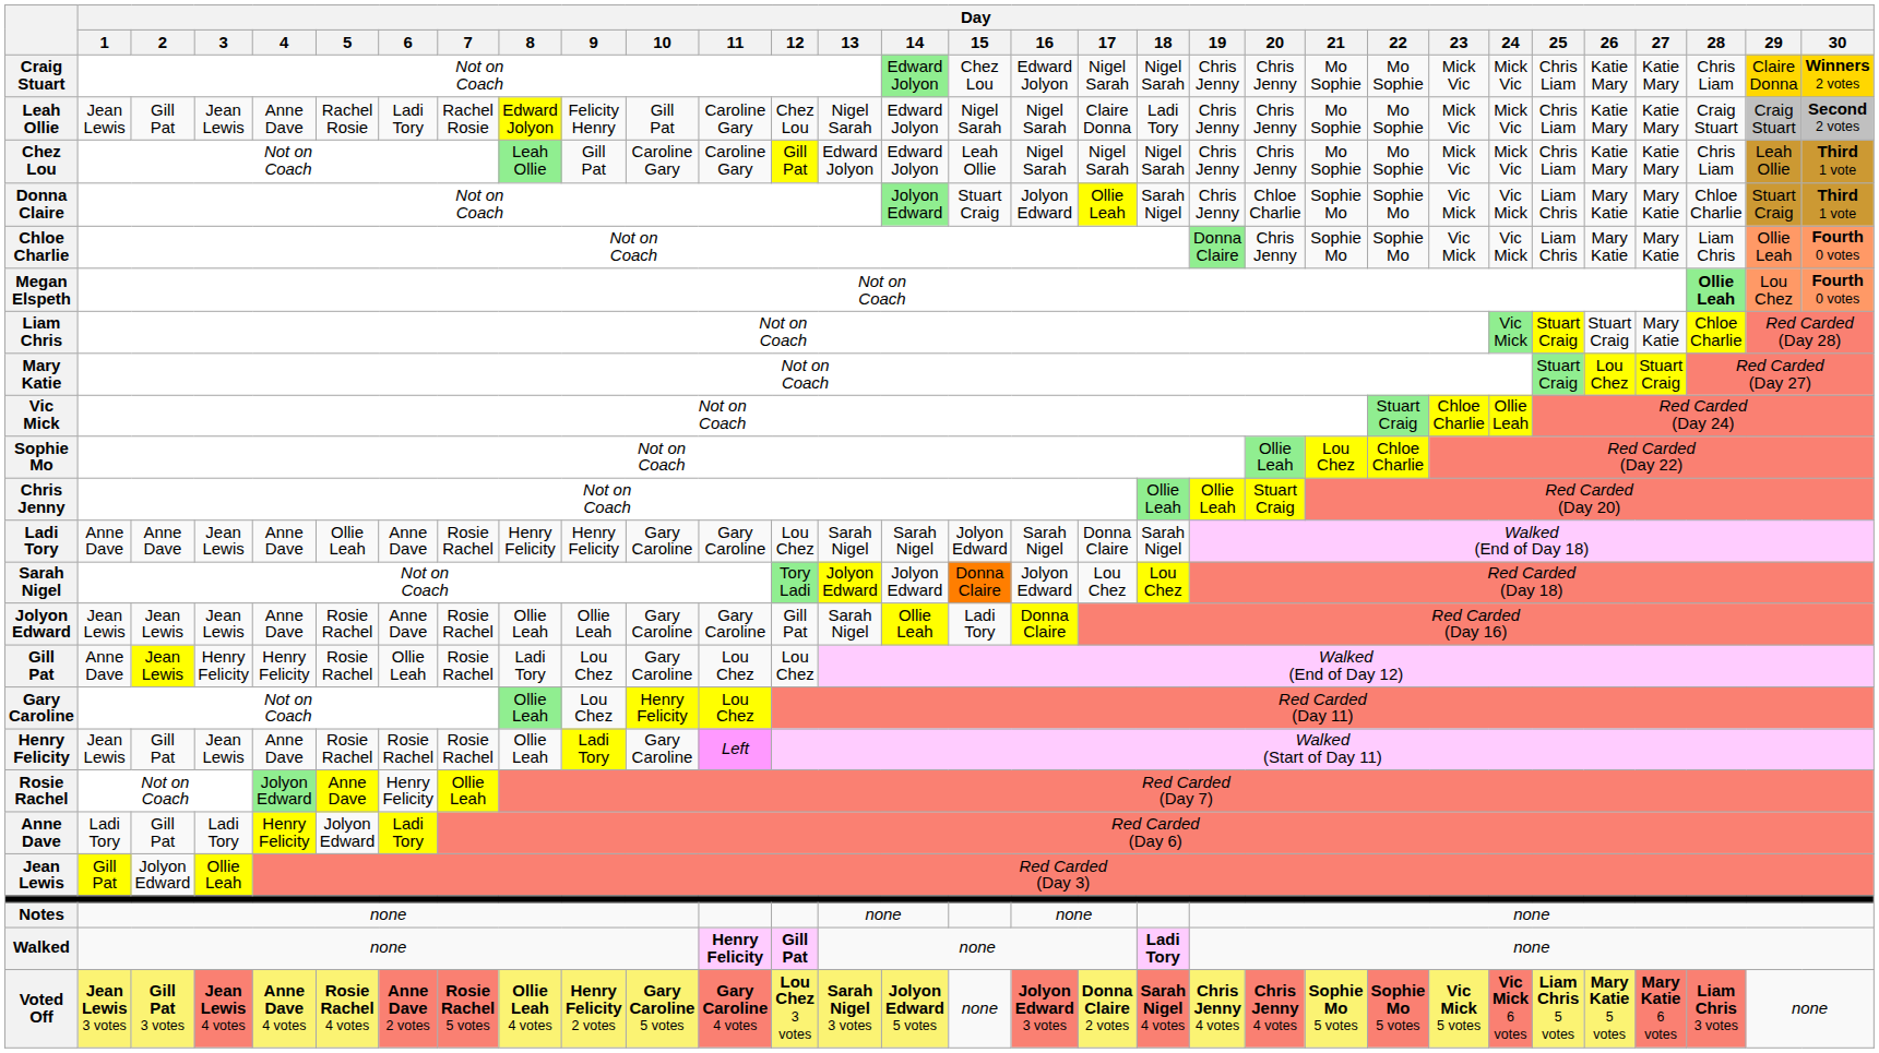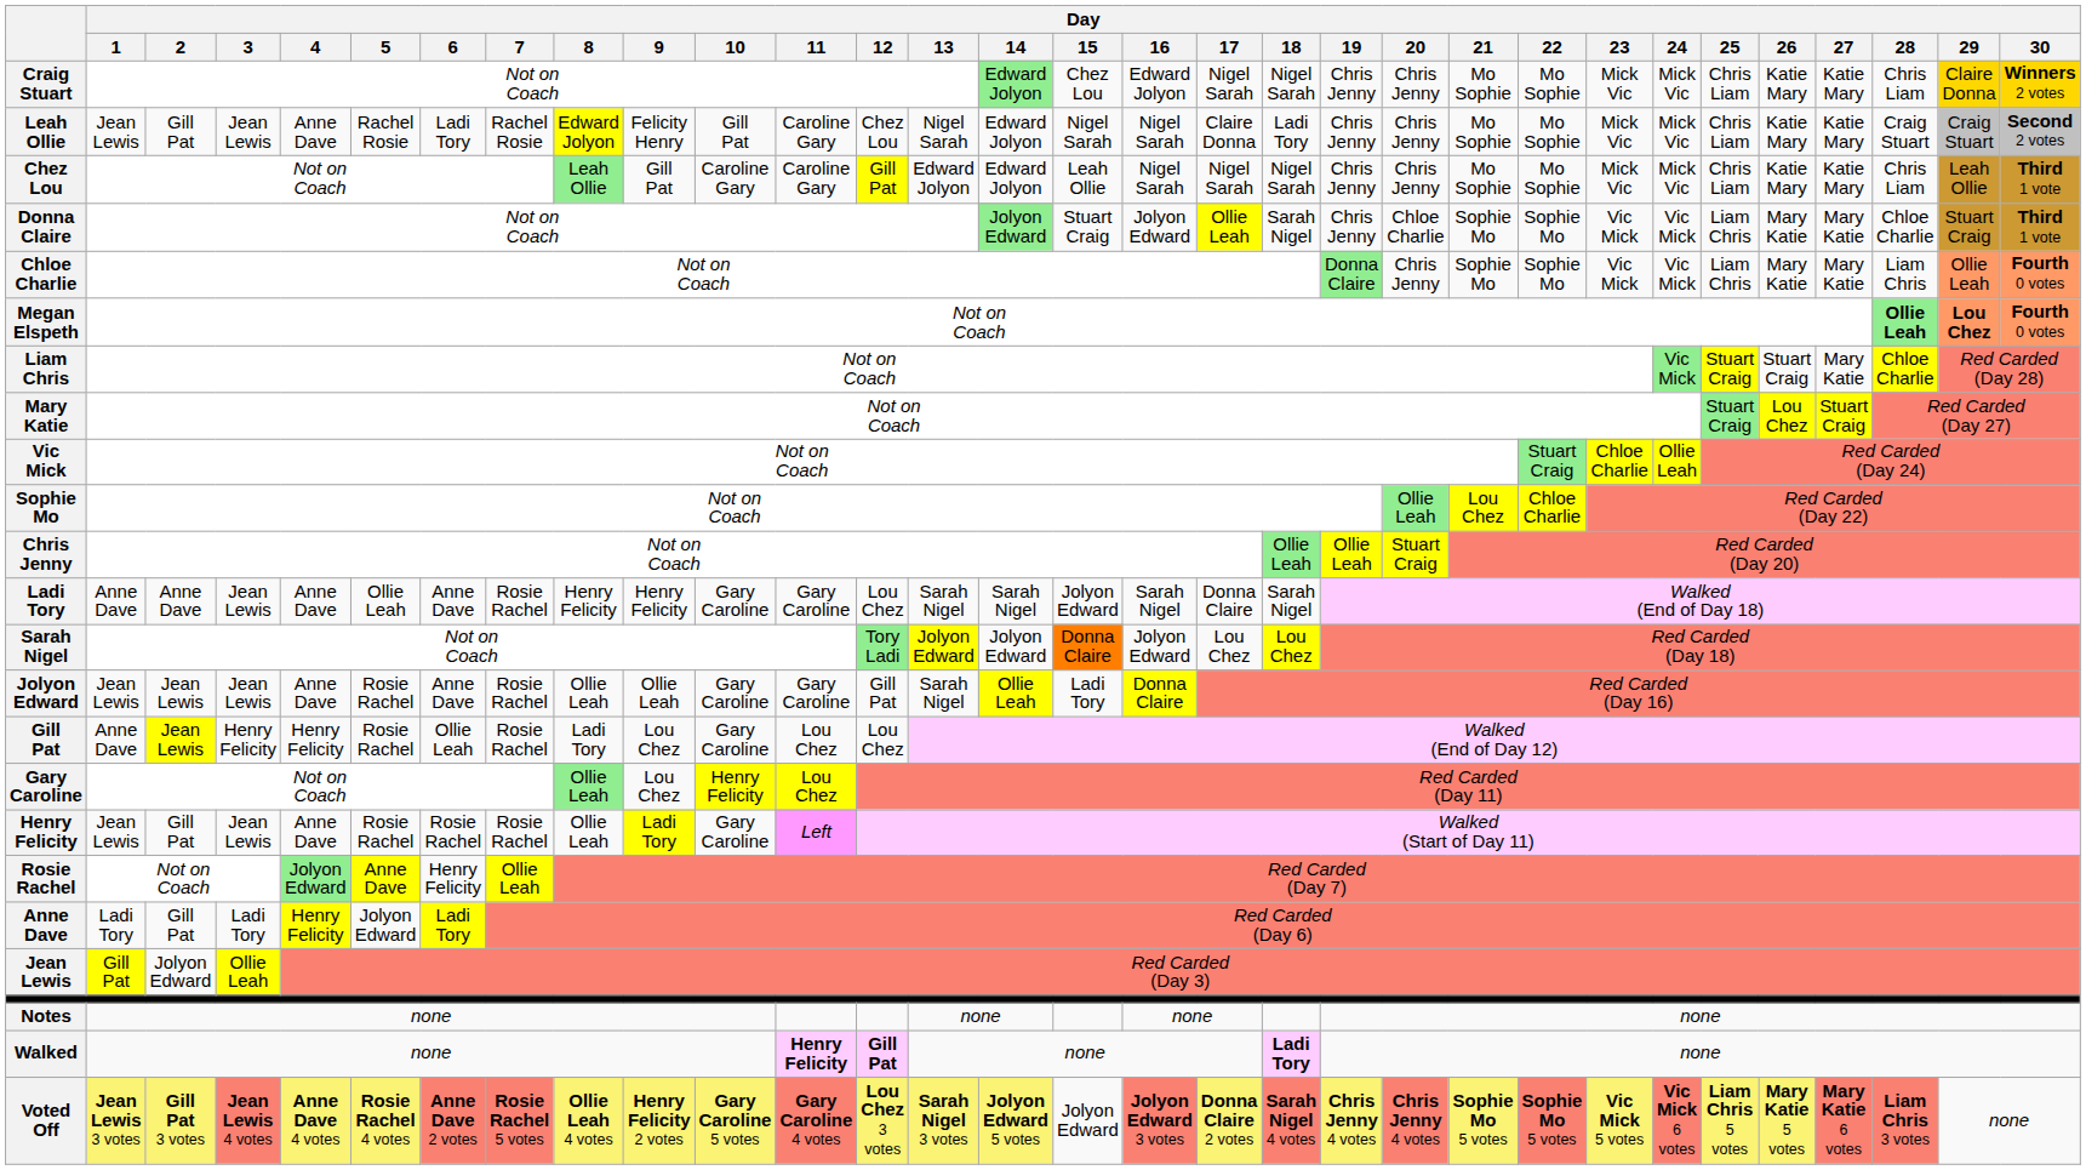 <table class="wikitable" style="text-align:center; font-size:90%; line-height:15px;">
 <tr>
 <th style="width: 7%;" rowspan="2"></th>
 <th colspan=30>Day</th>
 </tr>
 <tr>
 <th style="width: 7%;">1</th>
 <th style="width: 7%;">2</th>
 <th style="width: 7%;">3</th>
 <th style="width: 7%;">4</th>
 <th style="width: 7%;">5</th>
 <th style="width: 7%;">6</th>
 <th style="width: 7%;">7</th>
 <th style="width: 7%;">8</th>
 <th style="width: 7%;">9</th>
 <th style="width: 7%;">10</th>
 <th style="width: 7%;">11</th>
 <th style="width: 7%;">12</th>
 <th style="width: 7%;">13</th>
 <th style="width: 7%;">14</th>
 <th style="width: 7%;">15</th>
 <th style="width: 7%;">16</th>
 <th style="width: 7%;">17</th>
 <th style="width: 7%;">18</th>
 <th style="width: 7%;">19</th>
 <th style="width: 7%;">20</th>
 <th style="width: 7%;">21</th>
 <th style="width: 7%;">22</th>
 <th style="width: 7%;">23</th>
 <th style="width: 7%;">24</th>
 <th style="width: 7%;">25</th>
 <th style="width: 7%;">26</th>
 <th style="width: 7%;">27</th>
 <th style="width: 7%;">28</th>
 <th style="width: 7%;">29</th>
 <th style="width: 7%;">30</th>
 </tr>
 <tr>
 <th>Craig<br>Stuart</th>
 <td colspan="13" style="background:#fff; text-align:center;"><em>Not on<br>Coach</em></td>
 <td style="background:lightgreen;">Edward<br>Jolyon</td>
 <td>Chez<br>Lou</td>
 <td>Edward<br>Jolyon</td>
 <td>Nigel<br>Sarah</td>
 <td>Nigel<br>Sarah</td>
 <td>Chris<br>Jenny</td>
 <td>Chris<br>Jenny</td>
 <td>Mo<br>Sophie</td>
 <td>Mo<br>Sophie</td>
 <td>Mick<br>Vic</td>
 <td>Mick<br>Vic</td>
 <td>Chris<br>Liam</td>
 <td>Katie<br>Mary</td>
 <td>Katie<br>Mary</td>
 <td>Chris<br>Liam</td>
 <td style="background:gold;">Claire<br>Donna</td>
 <td bgcolor="gold"><strong>Winners</strong><br><small>2 votes</small></td>
 </tr>
 <tr>
 <th>Leah<br>Ollie</th>
 <td>Jean<br>Lewis</td>
 <td>Gill<br>Pat</td>
 <td>Jean<br>Lewis</td>
 <td>Anne<br>Dave</td>
 <td>Rachel<br>Rosie</td>
 <td>Ladi<br>Tory</td>
 <td>Rachel<br>Rosie</td>
 <td style="background:yellow;">Edward<br>Jolyon</td>
 <td>Felicity<br>Henry</td>
 <td>Gill<br>Pat</td>
 <td>Caroline<br>Gary</td>
 <td>Chez<br>Lou</td>
 <td>Nigel<br>Sarah</td>
 <td>Edward<br>Jolyon</td>
 <td>Nigel<br>Sarah</td>
 <td>Nigel<br>Sarah</td>
 <td>Claire<br>Donna</td>
 <td>Ladi<br>Tory</td>
 <td>Chris<br>Jenny</td>
 <td>Chris<br>Jenny</td>
 <td>Mo<br>Sophie</td>
 <td>Mo<br>Sophie</td>
 <td>Mick<br>Vic</td>
 <td>Mick<br>Vic</td>
 <td>Chris<br>Liam</td>
 <td>Katie<br>Mary</td>
 <td>Katie<br>Mary</td>
 <td>Craig<br>Stuart</td>
 <td bgcolor="silver">Craig<br>Stuart</td>
 <td bgcolor="silver"><strong>Second</strong> <br><small>2 votes</small></td>
 </tr>
 <tr>
 <th>Chez<br>Lou</th>
 <td colspan="7" style="background:#fff; text-align:center;"><em>Not on<br>Coach</em></td>
 <td style="background:lightgreen;">Leah<br>Ollie</td>
 <td>Gill<br>Pat</td>
 <td>Caroline<br>Gary</td>
 <td>Caroline<br>Gary</td>
 <td style="background:yellow;">Gill<br>Pat</td>
 <td>Edward<br>Jolyon</td>
 <td>Edward<br>Jolyon</td>
 <td>Leah<br>Ollie</td>
 <td>Nigel<br>Sarah</td>
 <td>Nigel<br>Sarah</td>
 <td>Nigel<br>Sarah</td>
 <td>Chris<br>Jenny</td>
 <td>Chris<br>Jenny</td>
 <td>Mo<br>Sophie</td>
 <td>Mo<br>Sophie</td>
 <td>Mick<br>Vic</td>
 <td>Mick<br>Vic</td>
 <td>Chris<br>Liam</td>
 <td>Katie<br>Mary</td>
 <td>Katie<br>Mary</td>
 <td>Chris<br>Liam</td>
 <td style="background:#cc9933;">Leah<br>Ollie</td>
 <td bgcolor=#cc9933><strong>Third</strong><br><small>1 vote</small></td>
 </tr>
 <tr>
 <th>Donna<br>Claire</th>
 <td colspan="13" style="background:#fff; text-align:center;"><em>Not on<br>Coach</em></td>
 <td style="background:lightgreen;">Jolyon<br>Edward</td>
 <td>Stuart<br>Craig</td>
 <td>Jolyon<br>Edward</td>
 <td style="background:yellow;">Ollie<br>Leah</td>
 <td>Sarah<br>Nigel</td>
 <td>Chris<br>Jenny</td>
 <td>Chloe<br>Charlie</td>
 <td>Sophie<br>Mo</td>
 <td>Sophie<br>Mo</td>
 <td>Vic<br>Mick</td>
 <td>Vic<br>Mick</td>
 <td>Liam<br>Chris</td>
 <td>Mary<br>Katie</td>
 <td>Mary<br>Katie</td>
 <td>Chloe<br>Charlie</td>
 <td style="background:#cc9933;">Stuart<br>Craig</td>
 <td bgcolor=#cc9933><strong>Third</strong><br><small>1 vote</small></td>
 </tr>
 <tr>
 <th>Chloe<br>Charlie</th>
 <td colspan="18" style="background:#fff; text-align:center;"><em>Not on<br>Coach</em></td>
 <td style="background:lightgreen;">Donna<br>Claire</td>
 <td>Chris<br>Jenny</td>
 <td>Sophie<br>Mo</td>
 <td>Sophie<br>Mo</td>
 <td>Vic<br>Mick</td>
 <td>Vic<br>Mick</td>
 <td>Liam<br>Chris</td>
 <td>Mary<br>Katie</td>
 <td>Mary<br>Katie</td>
 <td>Liam<br>Chris</td>
 <td bgcolor=#ff9966>Ollie<br>Leah</td>
 <td bgcolor=#ff9966><strong>Fourth</strong><br><small>0 votes</small></td>
 </tr>
 <tr>
 <th>Megan<br>Elspeth</th>
 <td colspan="27" style="background:#fff; text-align:center;"><em>Not on<br>Coach</em></td>
 <td style="background:lightgreen;"><strong>Ollie<br>Leah</strong></td>
-<td bgcolor=#ff9966>Lou<br>Chez</td>
+<td bgcolor=#ff9966><strong>Lou<br>Chez</strong></td>
 <td bgcolor=#ff9966><strong>Fourth</strong><br><small>0 votes</small></td>
 </tr>
 <tr>
 <th>Liam<br>Chris</th>
 <td colspan="23" style="background:#fff; text-align:center;"><em>Not on<br>Coach</em></td>
 <td style="background:lightgreen;">Vic<br>Mick</td>
 <td style="background:yellow;">Stuart<br>Craig</td>
 <td>Stuart<br>Craig</td>
 <td>Mary<br>Katie</td>
 <td style="background:yellow;">Chloe<br>Charlie</td>
 <td colspan="2" style="background:#fa8072;"><em>Red Carded</em><br>(Day 28)</td>
 </tr>
 <tr>
 <th>Mary<br>Katie</th>
 <td colspan="24" style="background:#fff; text-align:center;"><em>Not on<br>Coach</em></td>
 <td style="background:lightgreen;">Stuart<br>Craig</td>
 <td style="background:yellow;">Lou<br>Chez</td>
 <td style="background:yellow;">Stuart<br>Craig</td>
 <td colspan="3" style="background:#fa8072;"><em>Red Carded</em><br>(Day 27)</td>
 </tr>
 <tr>
 <th>Vic<br>Mick</th>
 <td colspan="21" style="background:#fff; text-align:center;"><em>Not on<br>Coach</em></td>
 <td style="background:lightgreen;">Stuart<br>Craig</td>
 <td style="background:yellow;">Chloe<br>Charlie</td>
 <td style="background:yellow;">Ollie<br>Leah</td>
 <td colspan="6" style="background:#fa8072;"><em>Red Carded</em><br>(Day 24)</td>
 </tr>
 <tr>
 <th>Sophie<br>Mo</th>
 <td colspan="19" style="background:#fff; text-align:center;"><em>Not on<br>Coach</em></td>
 <td style="background:lightgreen;">Ollie<br>Leah</td>
 <td style="background:yellow;">Lou<br>Chez</td>
 <td style="background:yellow;">Chloe<br>Charlie</td>
 <td colspan="8" style="background:#fa8072;"><em>Red Carded</em><br>(Day 22)</td>
 </tr>
 <tr>
 <th>Chris<br>Jenny</th>
 <td colspan="17" style="background:#fff; text-align:center;"><em>Not on<br>Coach</em></td>
 <td style="background:lightgreen;">Ollie<br>Leah</td>
 <td style="background:yellow;">Ollie<br>Leah</td>
 <td style="background:yellow;">Stuart<br>Craig</td>
 <td colspan="10" style="background:#fa8072;"><em>Red Carded</em><br>(Day 20)</td>
 </tr>
 <tr>
 <th>Ladi<br>Tory</th>
 <td>Anne<br>Dave</td>
 <td>Anne<br>Dave</td>
 <td>Jean<br>Lewis</td>
 <td>Anne<br>Dave</td>
 <td>Ollie<br>Leah</td>
 <td>Anne<br>Dave</td>
 <td>Rosie<br>Rachel</td>
 <td>Henry<br>Felicity</td>
 <td>Henry<br>Felicity</td>
 <td>Gary<br>Caroline</td>
 <td>Gary<br>Caroline</td>
 <td>Lou<br>Chez</td>
 <td>Sarah<br>Nigel</td>
 <td>Sarah<br>Nigel</td>
 <td>Jolyon<br>Edward</td>
 <td>Sarah<br>Nigel</td>
 <td>Donna<br>Claire</td>
 <td>Sarah<br>Nigel</td>
 <td colspan="13" style="background:#ffccff;"><em>Walked</em><br>(End of Day 18)</td>
 </tr>
 <tr>
 <th>Sarah<br>Nigel</th>
 <td colspan="11" style="background:#fff; text-align:center;"><em>Not on<br>Coach</em></td>
 <td style="background:lightgreen;">Tory<br>Ladi</td>
 <td style="background:yellow;">Jolyon<br>Edward</td>
 <td>Jolyon<br>Edward</td>
 <td style="background:#ff7e00;">Donna<br>Claire</td>
 <td>Jolyon<br>Edward</td>
 <td>Lou<br>Chez</td>
 <td style="background:yellow;">Lou<br>Chez</td>
 <td colspan="12" style="background:#fa8072;"><em>Red Carded</em><br>(Day 18)</td>
 </tr>
 <tr>
 <th>Jolyon<br>Edward</th>
 <td>Jean<br>Lewis</td>
 <td>Jean<br>Lewis</td>
 <td>Jean<br>Lewis</td>
 <td>Anne<br>Dave</td>
 <td>Rosie<br>Rachel</td>
 <td>Anne<br>Dave</td>
 <td>Rosie<br>Rachel</td>
 <td>Ollie<br>Leah</td>
 <td>Ollie<br>Leah</td>
 <td>Gary<br>Caroline</td>
 <td>Gary<br>Caroline</td>
 <td>Gill<br>Pat</td>
 <td>Sarah<br>Nigel</td>
 <td style="background:yellow;">Ollie<br>Leah</td>
 <td>Ladi<br>Tory</td>
 <td style="background:yellow;">Donna<br>Claire</td>
 <td colspan="14" style="background:#fa8072;"><em>Red Carded</em><br>(Day 16)</td>
 </tr>
 <tr>
 <th>Gill<br>Pat</th>
 <td>Anne<br>Dave</td>
 <td style="background:yellow;">Jean<br>Lewis</td>
 <td>Henry<br>Felicity</td>
 <td>Henry<br>Felicity</td>
 <td>Rosie<br>Rachel</td>
 <td>Ollie<br>Leah</td>
 <td>Rosie<br>Rachel</td>
 <td>Ladi<br>Tory</td>
 <td>Lou<br>Chez</td>
 <td>Gary<br>Caroline</td>
 <td>Lou<br>Chez</td>
 <td>Lou<br>Chez</td>
 <td colspan="18" style="background:#ffccff;"><em>Walked</em><br>(End of Day 12)</td>
 </tr>
 <tr>
 <th>Gary<br>Caroline</th>
 <td colspan="7" style="background:#fff; text-align:center;"><em>Not on<br>Coach</em></td>
 <td style="background:lightgreen;">Ollie<br>Leah</td>
 <td>Lou<br>Chez</td>
 <td style="background:yellow;">Henry<br>Felicity</td>
 <td style="background:yellow;">Lou<br>Chez</td>
 <td colspan="19" style="background:#fa8072;"><em>Red Carded</em><br>(Day 11)</td>
 </tr>
 <tr>
 <th>Henry<br>Felicity</th>
 <td>Jean<br>Lewis</td>
 <td>Gill<br>Pat</td>
 <td>Jean<br>Lewis</td>
 <td>Anne<br>Dave</td>
 <td>Rosie<br>Rachel</td>
 <td>Rosie<br>Rachel</td>
 <td>Rosie<br>Rachel</td>
 <td>Ollie<br>Leah</td>
 <td style="background:yellow;">Ladi<br>Tory</td>
 <td>Gary<br>Caroline</td>
 <td style="background:#ff99ff;"><em>Left</em></td>
 <td colspan="19" style="background:#ffccff;"><em>Walked</em><br>(Start of Day 11)</td>
 </tr>
 <tr>
 <th>Rosie<br>Rachel</th>
 <td colspan="3" style="background:#fff; text-align:center;"><em>Not on<br>Coach</em></td>
 <td style="background:lightgreen;">Jolyon<br>Edward</td>
 <td style="background:yellow;">Anne<br>Dave</td>
 <td>Henry<br>Felicity</td>
 <td style="background:yellow;">Ollie<br>Leah</td>
 <td colspan="23" style="background:#fa8072;"><em>Red Carded</em><br>(Day 7)</td>
 </tr>
 <tr>
 <th>Anne<br>Dave</th>
 <td>Ladi<br>Tory</td>
 <td>Gill<br>Pat</td>
 <td>Ladi<br>Tory</td>
 <td style="background:yellow;">Henry<br>Felicity</td>
 <td>Jolyon<br>Edward</td>
 <td style="background:yellow;">Ladi<br>Tory</td>
 <td colspan="24" style="background:#fa8072;"><em>Red Carded</em><br>(Day 6)</td>
 </tr>
 <tr>
 <th>Jean<br>Lewis</th>
 <td style="background:yellow;">Gill<br>Pat</td>
 <td>Jolyon<br>Edward</td>
 <td style="background:yellow;">Ollie<br>Leah</td>
 <td colspan="27" style="background:#fa8072;"><em>Red Carded</em><br>(Day 3)</td>
 </tr>
 <tr>
 <th style="background:black;" colspan="31"></th>
 </tr>
 <tr>
 <th>Notes</th>
 <td colspan="10"><em>none</em></td>
 <td></td>
 <td></td>
 <td colspan="2"><em>none</em></td>
 <td></td>
 <td colspan="2"><em>none</em></td>
 <td></td>
 <td colspan="12"><em>none</em></td>
 </tr>
 <tr>
 <th>Walked</th>
 <td colspan="10"><em>none</em></td>
 <td bgcolor="#ffccff"><strong>Henry<br>Felicity</strong></td>
 <td bgcolor="#ffccff"><strong>Gill<br>Pat</strong></td>
 <td colspan="5"><em>none</em></td>
 <td bgcolor="#ffccff"><strong>Ladi<br>Tory</strong></td>
 <td colspan="12"><em>none</em></td>
 </tr>
 <tr>
 <th>Voted Off</th>
 <td style="background:#fbf373;"><strong>Jean<br>Lewis</strong><br><small>3 votes</small></td>
 <td style="background:#fbf373;"><strong>Gill<br>Pat</strong><br><small>3 votes</small></td>
 <td style="background:#fa8072;"><strong>Jean<br>Lewis</strong><br><small>4 votes</small></td>
 <td style="background:#fbf373;"><strong>Anne<br>Dave</strong><br><small>4 votes</small></td>
 <td style="background:#fbf373;"><strong>Rosie<br>Rachel</strong><br><small>4 votes</small></td>
 <td style="background:#fa8072;"><strong>Anne<br>Dave</strong><br><small>2 votes</small></td>
 <td style="background:#fa8072;"><strong>Rosie<br>Rachel</strong><br><small>5 votes</small></td>
 <td style="background:#fbf373;"><strong>Ollie<br>Leah</strong><br><small>4 votes</small></td>
 <td style="background:#fbf373;"><strong>Henry<br>Felicity</strong><br><small>2 votes</small></td>
 <td style="background:#fbf373;"><strong>Gary<br>Caroline</strong><br><small>5 votes</small></td>
 <td style="background:#fa8072;"><strong>Gary<br>Caroline</strong><br><small>4 votes</small></td>
 <td style="background:#fbf373;"><strong>Lou<br>Chez</strong><br><small>3 votes</small></td>
 <td style="background:#fbf373;"><strong>Sarah<br>Nigel</strong><br><small>3 votes</small></td>
 <td style="background:#fbf373;"><strong>Jolyon<br>Edward</strong><br><small>5 votes</small></td>
-<td><em>none</em></td>
+<td>Jolyon<br>Edward</td>
 <td style="background:#fa8072;"><strong>Jolyon<br>Edward</strong><br><small>3 votes</small></td>
 <td style="background:#fbf373;"><strong>Donna<br>Claire</strong><br><small>2 votes</small></td>
 <td style="background:#fa8072;"><strong>Sarah<br>Nigel</strong><br><small>4 votes</small></td>
 <td style="background:#fbf373;"><strong>Chris<br>Jenny</strong><br><small>4 votes</small></td>
 <td style="background:#fa8072;"><strong>Chris<br>Jenny</strong><br><small>4 votes</small></td>
 <td style="background:#fbf373;"><strong>Sophie<br>Mo</strong><br><small>5 votes</small></td>
 <td style="background:#fa8072;"><strong>Sophie<br>Mo</strong><br><small>5 votes</small></td>
 <td style="background:#fbf373;"><strong>Vic<br>Mick</strong><br><small>5 votes</small></td>
 <td style="background:#fa8072;"><strong>Vic<br>Mick</strong><br><small>6 votes</small></td>
 <td style="background:#fbf373;"><strong>Liam<br>Chris</strong><br><small>5 votes</small></td>
 <td style="background:#fbf373;"><strong>Mary<br>Katie</strong><br><small>5 votes</small></td>
 <td style="background:#fa8072;"><strong>Mary<br>Katie</strong><br><small>6 votes</small></td>
 <td style="background:#fa8072;"><strong>Liam<br>Chris</strong><br><small>3 votes</small></td>
 <td colspan="2"><em>none</em></td>
 </tr>
 </table>
